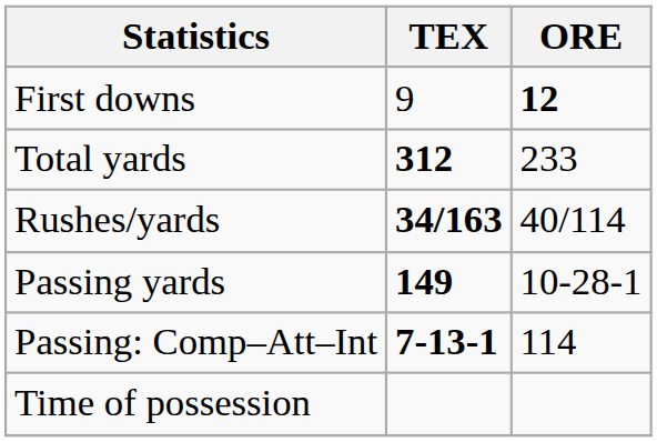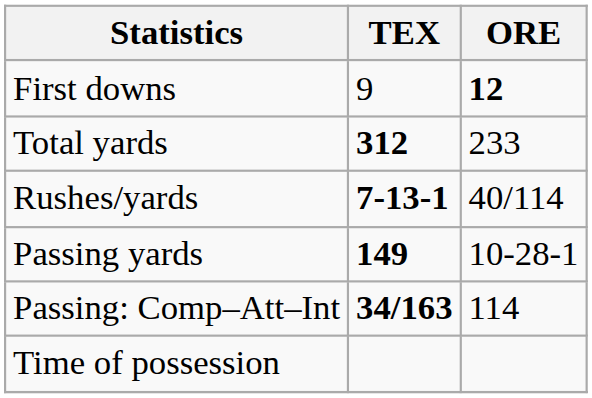 <table class="wikitable" style="float: left;">
 <tr>
 <th>Statistics</th>
 <th>TEX</th>
 <th>ORE</th>
 </tr>
 <tr>
 <td>First downs</td>
 <td>9</td>
 <td><strong>12</strong></td>
 </tr>
 <tr>
 <td>Total yards</td>
 <td><strong>312</strong></td>
 <td>233</td>
 </tr>
 <tr>
 <td>Rushes/yards</td>
-<td><strong>34/163</strong></td>
+<td><strong>7-13-1</strong></td>
 <td>40/114</td>
 </tr>
 <tr>
 <td>Passing yards</td>
 <td><strong>149</strong></td>
 <td>10-28-1</td>
 </tr>
 <tr>
 <td>Passing: Comp–Att–Int</td>
-<td><strong>7-13-1</strong></td>
+<td><strong>34/163</strong></td>
 <td>114</td>
 </tr>
 <tr>
 <td>Time of possession</td>
 <td></td>
 <td></td>
 </tr>
 <tr>
 </tr>
 </table>
